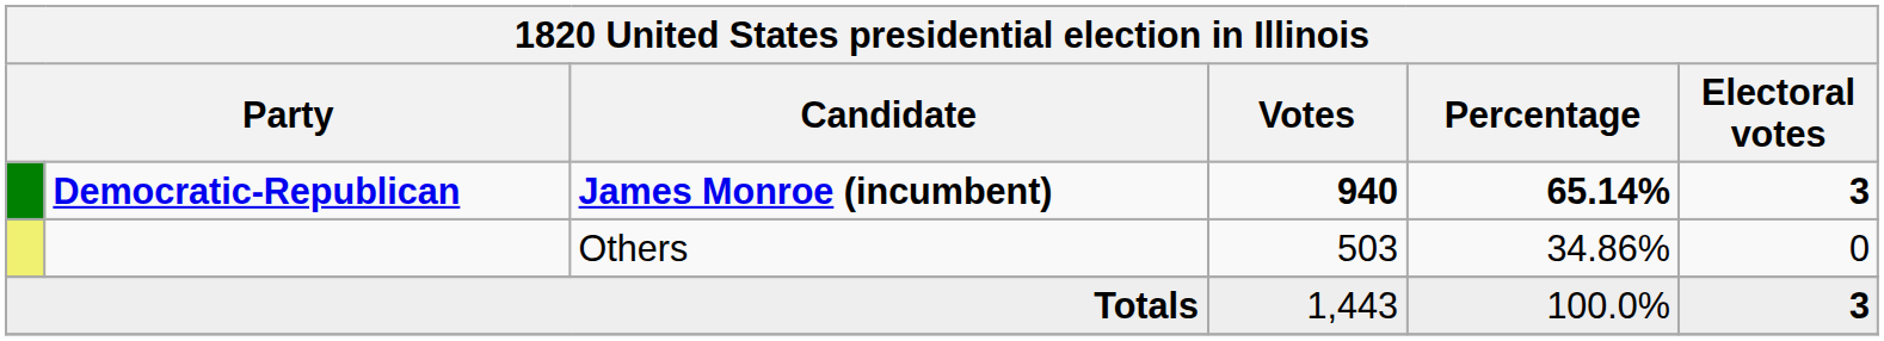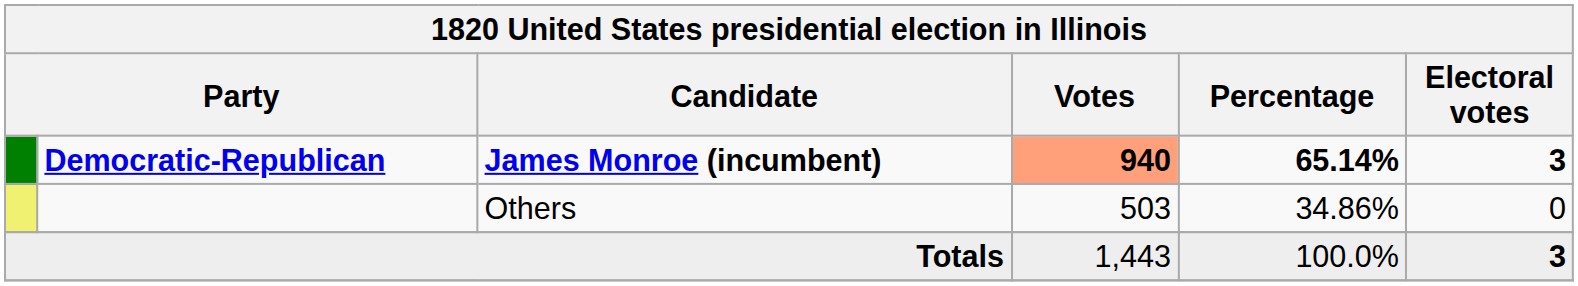 <table class="wikitable" style="font-size: 95%;">
 <tr>
 <th colspan="6">1820 United States presidential election in Illinois</th>
 </tr>
 <tr>
 <th colspan="2" style="width: 15em">Party</th>
 <th style="width: 17em">Candidate</th>
 <th style="width: 5em">Votes</th>
 <th style="width: 7em">Percentage</th>
 <th style="width: 5em">Electoral votes</th>
 </tr>
 <tr>
 <th style="background-color:#008000; width: 3px"></th>
 <td style="width: 130px"><strong><a href='#'>Democratic-Republican</a></strong></td>
 <td><strong><a href='#'>James Monroe</a> (incumbent)</strong></td>
-<td align="right"><strong>940</strong></td>
+<td align="right" style="background: lightsalmon;"><strong>940</strong></td>
 <td align="right"><strong>65.14%</strong></td>
 <td align="right"><strong>3</strong></td>
 </tr>
 <tr>
 <th style="background-color:#F0F071; width: 3px"></th>
 <td style="width: 130px"></td>
 <td>Others</td>
 <td align="right">503</td>
 <td align="right">34.86%</td>
 <td align="right">0</td>
 </tr>
 <tr>
 </tr>
 <tr bgcolor="#EEEEEE">
 <td colspan="3" align="right"><strong>Totals</strong></td>
 <td align="right">1,443</td>
 <td align="right">100.0%</td>
 <td align="right"><strong>3</strong></td>
 </tr>
 <tr>
 </tr>
 </table>
